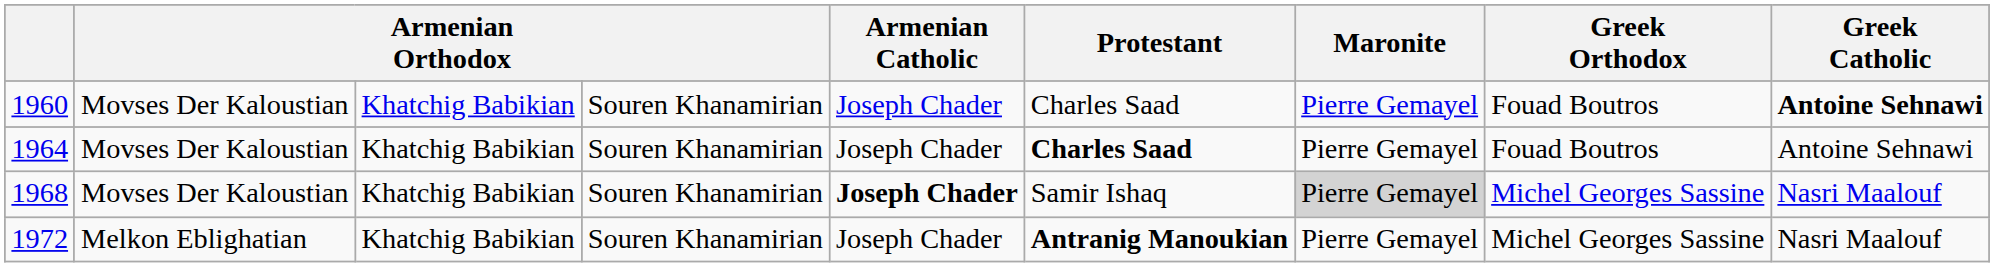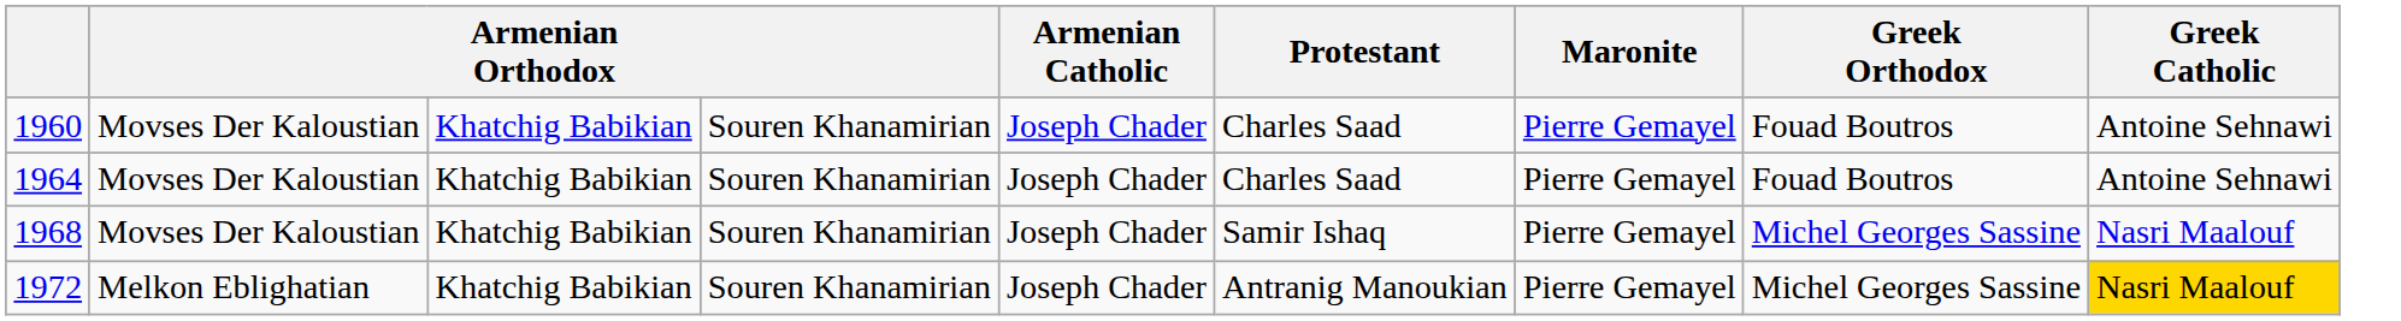 <table class="wikitable" align="center">
 <tr>
 <th></th>
 <th colspan="3">Armenian<br>Orthodox</th>
 <th>Armenian<br>Catholic</th>
 <th>Protestant</th>
 <th>Maronite</th>
 <th>Greek<br>Orthodox</th>
 <th>Greek<br>Catholic</th>
 </tr>
 <tr>
 <td><a href='#'>1960</a></td>
 <td>Movses Der Kaloustian</td>
 <td><a href='#'>Khatchig Babikian</a></td>
 <td>Souren Khanamirian</td>
 <td><a href='#'>Joseph Chader</a></td>
 <td>Charles Saad</td>
 <td><a href='#'>Pierre Gemayel</a></td>
 <td>Fouad Boutros</td>
-<td><strong>Antoine Sehnawi</strong></td>
+<td>Antoine Sehnawi</td>
 </tr>
 <tr>
 <td><a href='#'>1964</a></td>
 <td>Movses Der Kaloustian</td>
 <td>Khatchig Babikian</td>
 <td>Souren Khanamirian</td>
 <td>Joseph Chader</td>
-<td><strong>Charles Saad</strong></td>
+<td>Charles Saad</td>
 <td>Pierre Gemayel</td>
 <td>Fouad Boutros</td>
 <td>Antoine Sehnawi</td>
 </tr>
 <tr>
 <td><a href='#'>1968</a></td>
 <td>Movses Der Kaloustian</td>
 <td>Khatchig Babikian</td>
 <td>Souren Khanamirian</td>
-<td><strong>Joseph Chader</strong></td>
+<td>Joseph Chader</td>
 <td>Samir Ishaq</td>
-<td style="background: lightgrey;">Pierre Gemayel</td>
+<td>Pierre Gemayel</td>
 <td><a href='#'>Michel Georges Sassine</a></td>
 <td><a href='#'>Nasri Maalouf</a></td>
 </tr>
 <tr>
 <td><a href='#'>1972</a></td>
 <td>Melkon Eblighatian</td>
 <td>Khatchig Babikian</td>
 <td>Souren Khanamirian</td>
 <td>Joseph Chader</td>
-<td><strong>Antranig Manoukian</strong></td>
+<td>Antranig Manoukian</td>
 <td>Pierre Gemayel</td>
 <td>Michel Georges Sassine</td>
-<td>Nasri Maalouf</td>
+<td style="background: gold;">Nasri Maalouf</td>
 </tr>
 </table>
